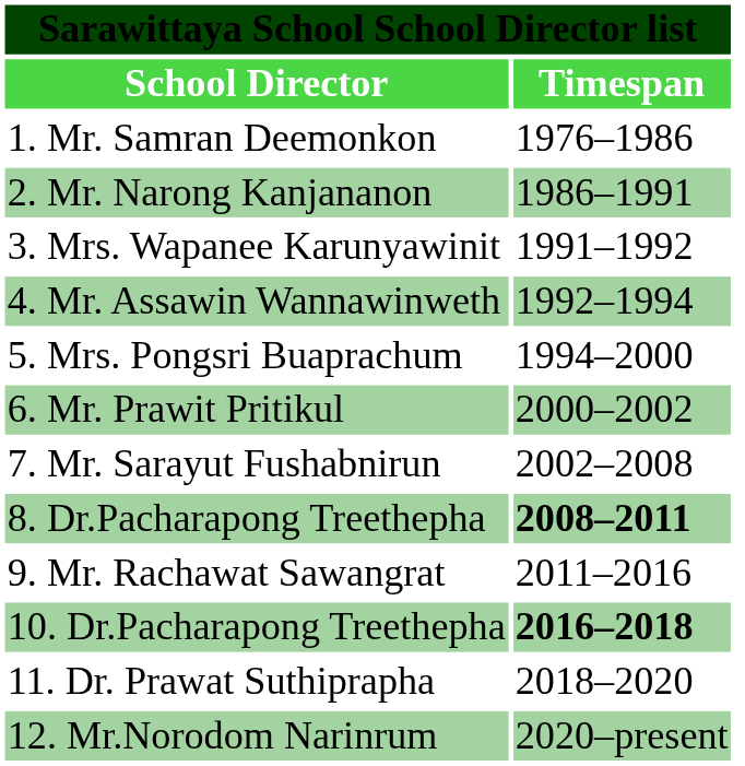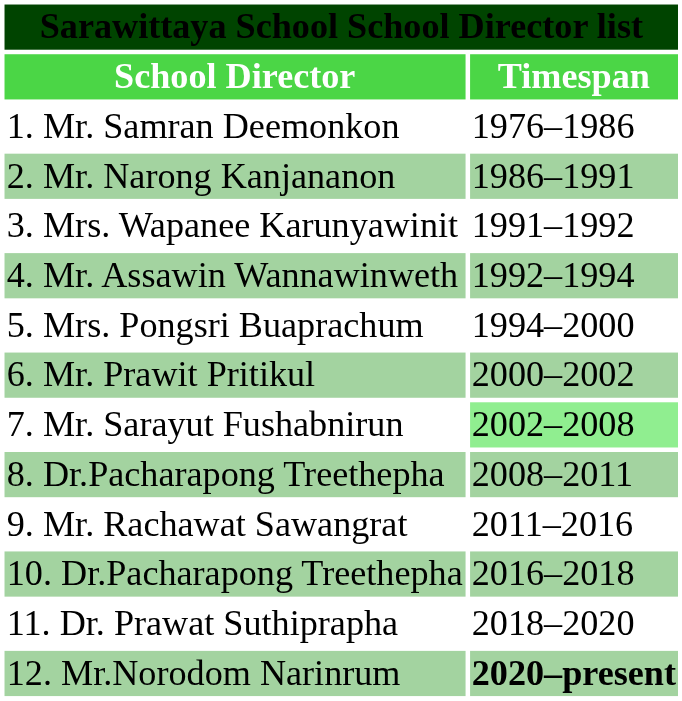 <table class="toccolours">
 <tr>
 <td colspan="2" style="background: #004400 " align="center"><span><strong>Sarawittaya School School Director list</strong></span> </td>
 </tr>
 <tr>
 <th style="background: #4BD646; color:white;">School Director</th>
 <th style="background: #4BD646; color:white;">Timespan</th>
 </tr>
 <tr>
 <td valign = "top">1. Mr. Samran Deemonkon</td>
 <td valign = "top">1976–1986</td>
 </tr>
 <tr>
 <td valign = "left" style="background: #A3D3A0">2. Mr. Narong Kanjananon</td>
 <td valign = "top" style="background: #A3D3A0">1986–1991</td>
 </tr>
 <tr>
 <td valign = "top">3. Mrs. Wapanee Karunyawinit</td>
 <td valign = "top">1991–1992</td>
 </tr>
 <tr>
 <td valign = "left" style="background: #A3D3A0">4. Mr. Assawin Wannawinweth</td>
 <td valign = "top" style="background: #A3D3A0">1992–1994</td>
 </tr>
 <tr>
 <td valign = "top">5. Mrs. Pongsri Buaprachum</td>
 <td valign = "top">1994–2000</td>
 </tr>
 <tr>
 <td valign = "left" style="background: #A3D3A0">6. Mr. Prawit Pritikul</td>
 <td valign = "top" style="background: #A3D3A0">2000–2002</td>
 </tr>
 <tr>
 <td valign = "top">7. Mr. Sarayut Fushabnirun</td>
-<td valign = "top">2002–2008</td>
+<td valign = "top" style="background: lightgreen;">2002–2008</td>
 </tr>
 <tr>
 <td valign = "left" style="background: #A3D3A0">8. Dr.Pacharapong Treethepha</td>
-<td valign = "top" style="background: #A3D3A0"><strong>2008–2011</strong></td>
+<td valign = "top" style="background: #A3D3A0">2008–2011</td>
 </tr>
 <tr>
 <td valign = "top">9. Mr. Rachawat Sawangrat</td>
 <td valign = "top">2011–2016</td>
 </tr>
 <tr>
 <td valign = "left" style="background: #A3D3A0">10. Dr.Pacharapong Treethepha</td>
-<td valign = "top" style="background: #A3D3A0"><strong>2016–2018</strong></td>
+<td valign = "top" style="background: #A3D3A0">2016–2018</td>
 </tr>
 <tr>
 <td valign = "top">11. Dr. Prawat Suthiprapha</td>
 <td valign = "top">2018–2020</td>
 </tr>
 <tr>
 <td valign = "left" style="background: #A3D3A0">12. Mr.Norodom Narinrum</td>
-<td valign = "top" style="background: #A3D3A0">2020–present</td>
+<td valign = "top" style="background: #A3D3A0"><strong>2020–present</strong></td>
 </tr>
 </table>
